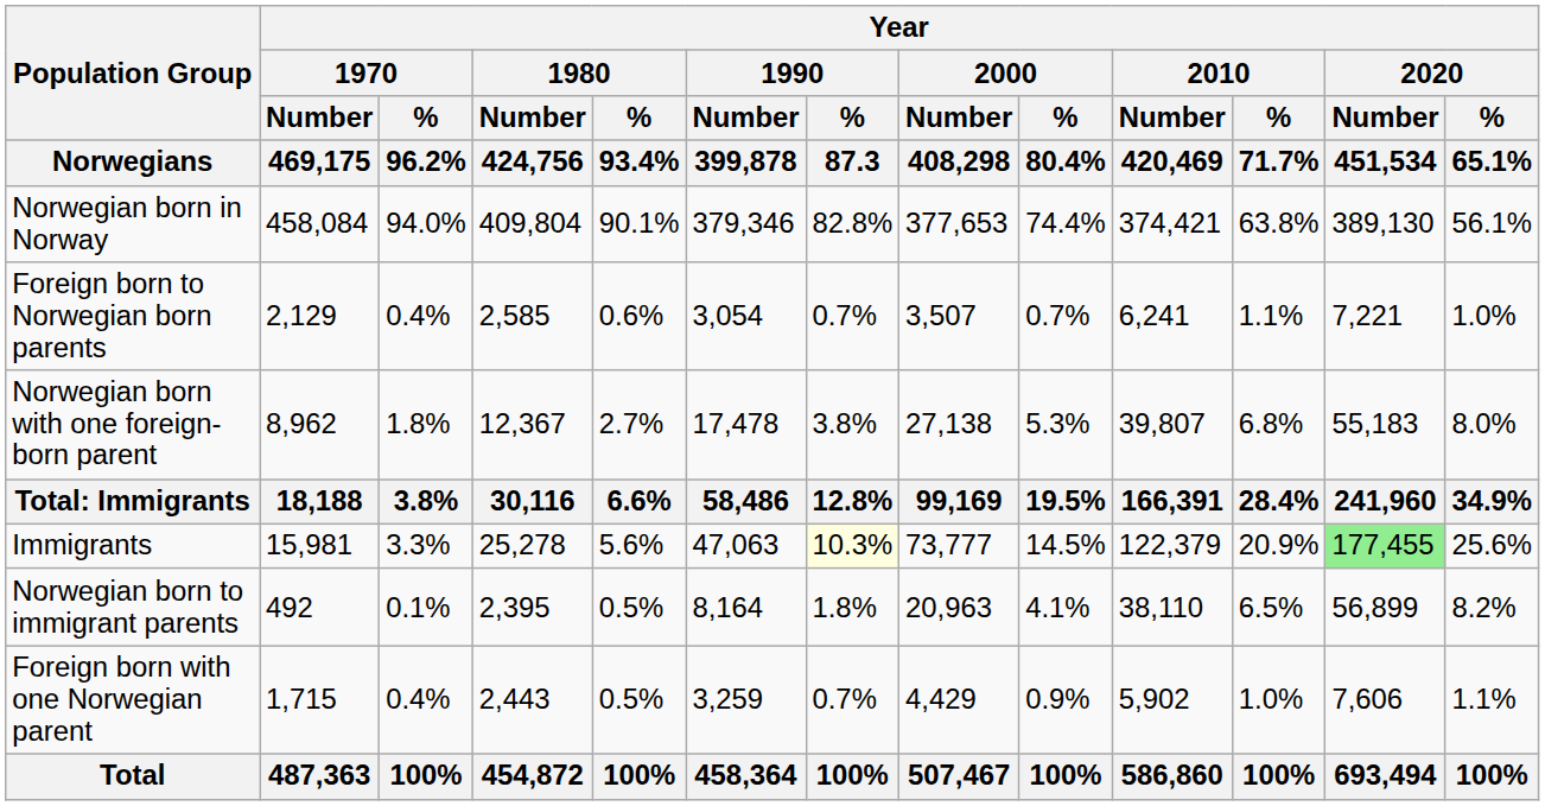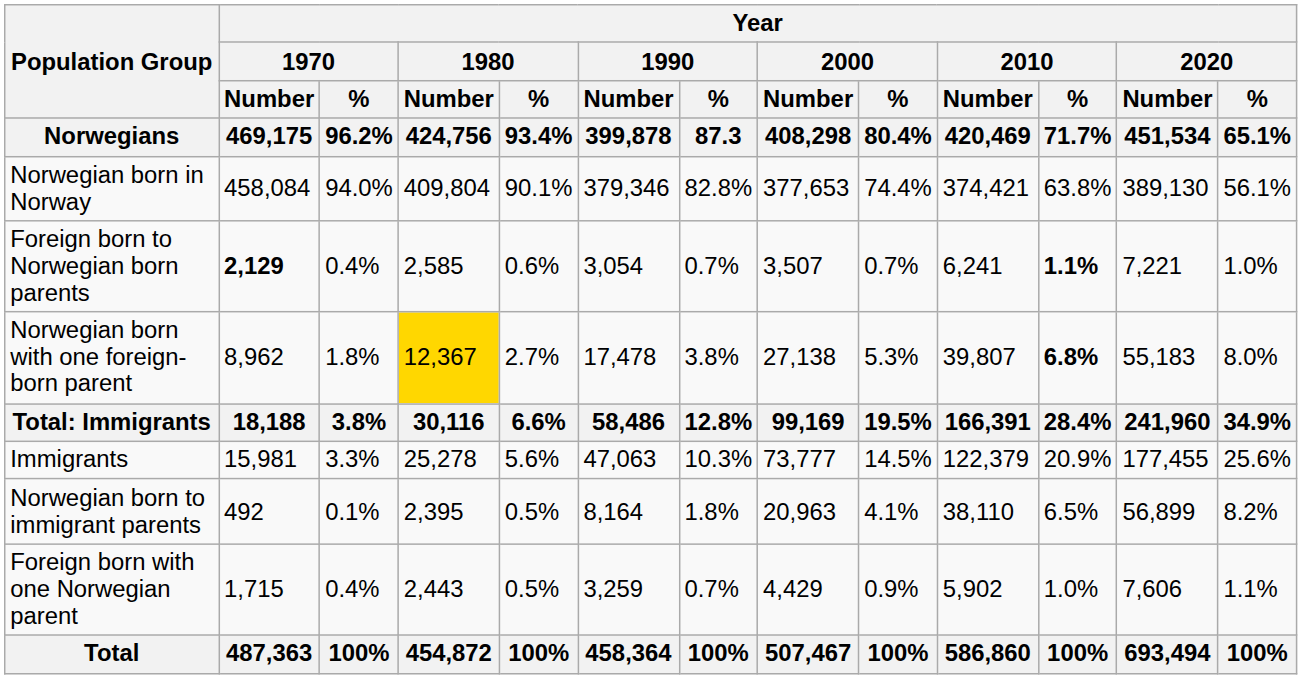 <table class="wikitable">
 <tr>
 <th rowspan="3">Population Group</th>
 <th colspan="12">Year</th>
 </tr>
 <tr>
 <th colspan="2">1970</th>
 <th colspan="2">1980</th>
 <th colspan="2">1990</th>
 <th colspan="2">2000</th>
 <th colspan="2">2010</th>
 <th colspan="2">2020</th>
 </tr>
 <tr>
 <th>Number</th>
 <th>%</th>
 <th>Number</th>
 <th>%</th>
 <th>Number</th>
 <th>%</th>
 <th>Number</th>
 <th>%</th>
 <th>Number</th>
 <th>%</th>
 <th>Number</th>
 <th>%</th>
 </tr>
 <tr>
 <th> Norwegians</th>
 <th>469,175</th>
 <th>96.2%</th>
 <th>424,756</th>
 <th>93.4%</th>
 <th>399,878</th>
 <th>87.3</th>
 <th>408,298</th>
 <th>80.4%</th>
 <th>420,469</th>
 <th>71.7%</th>
 <th>451,534</th>
 <th>65.1%</th>
 </tr>
 <tr>
 <td>Norwegian born in Norway</td>
 <td>458,084</td>
 <td>94.0%</td>
 <td>409,804</td>
 <td>90.1%</td>
 <td>379,346</td>
 <td>82.8%</td>
 <td>377,653</td>
 <td>74.4%</td>
 <td>374,421</td>
 <td>63.8%</td>
 <td>389,130</td>
 <td>56.1%</td>
 </tr>
 <tr>
 <td>Foreign born to Norwegian born parents</td>
-<td>2,129</td>
+<td><strong>2,129</strong></td>
 <td>0.4%</td>
 <td>2,585</td>
 <td>0.6%</td>
 <td>3,054</td>
 <td>0.7%</td>
 <td>3,507</td>
 <td>0.7%</td>
 <td>6,241</td>
-<td>1.1%</td>
+<td><strong>1.1%</strong></td>
 <td>7,221</td>
 <td>1.0%</td>
 </tr>
 <tr>
 <td>Norwegian born with one foreign-born parent</td>
 <td>8,962</td>
 <td>1.8%</td>
-<td>12,367</td>
+<td style="background: gold;">12,367</td>
 <td>2.7%</td>
 <td>17,478</td>
 <td>3.8%</td>
 <td>27,138</td>
 <td>5.3%</td>
 <td>39,807</td>
-<td>6.8%</td>
+<td><strong>6.8%</strong></td>
 <td>55,183</td>
 <td>8.0%</td>
 </tr>
 <tr>
 <th>Total: Immigrants</th>
 <th>18,188</th>
 <th>3.8%</th>
 <th>30,116</th>
 <th>6.6%</th>
 <th>58,486</th>
 <th>12.8%</th>
 <th>99,169</th>
 <th>19.5%</th>
 <th>166,391</th>
 <th>28.4%</th>
 <th>241,960</th>
 <th>34.9%</th>
 </tr>
 <tr>
 <td>Immigrants</td>
 <td>15,981</td>
 <td>3.3%</td>
 <td>25,278</td>
 <td>5.6%</td>
 <td>47,063</td>
-<td style="background: lightyellow;">10.3%</td>
+<td>10.3%</td>
 <td>73,777</td>
 <td>14.5%</td>
 <td>122,379</td>
 <td>20.9%</td>
-<td style="background: lightgreen;">177,455</td>
+<td>177,455</td>
 <td>25.6%</td>
 </tr>
 <tr>
 <td>Norwegian born to immigrant parents</td>
 <td>492</td>
 <td>0.1%</td>
 <td>2,395</td>
 <td>0.5%</td>
 <td>8,164</td>
 <td>1.8%</td>
 <td>20,963</td>
 <td>4.1%</td>
 <td>38,110</td>
 <td>6.5%</td>
 <td>56,899</td>
 <td>8.2%</td>
 </tr>
 <tr>
 <td>Foreign born with one Norwegian parent</td>
 <td>1,715</td>
 <td>0.4%</td>
 <td>2,443</td>
 <td>0.5%</td>
 <td>3,259</td>
 <td>0.7%</td>
 <td>4,429</td>
 <td>0.9%</td>
 <td>5,902</td>
 <td>1.0%</td>
 <td>7,606</td>
 <td>1.1%</td>
 </tr>
 <tr>
 <th>Total</th>
 <th>487,363</th>
 <th>100%</th>
 <th>454,872</th>
 <th>100%</th>
 <th>458,364</th>
 <th>100%</th>
 <th>507,467</th>
 <th>100%</th>
 <th>586,860</th>
 <th>100%</th>
 <th>693,494</th>
 <th>100%</th>
 </tr>
 </table>
